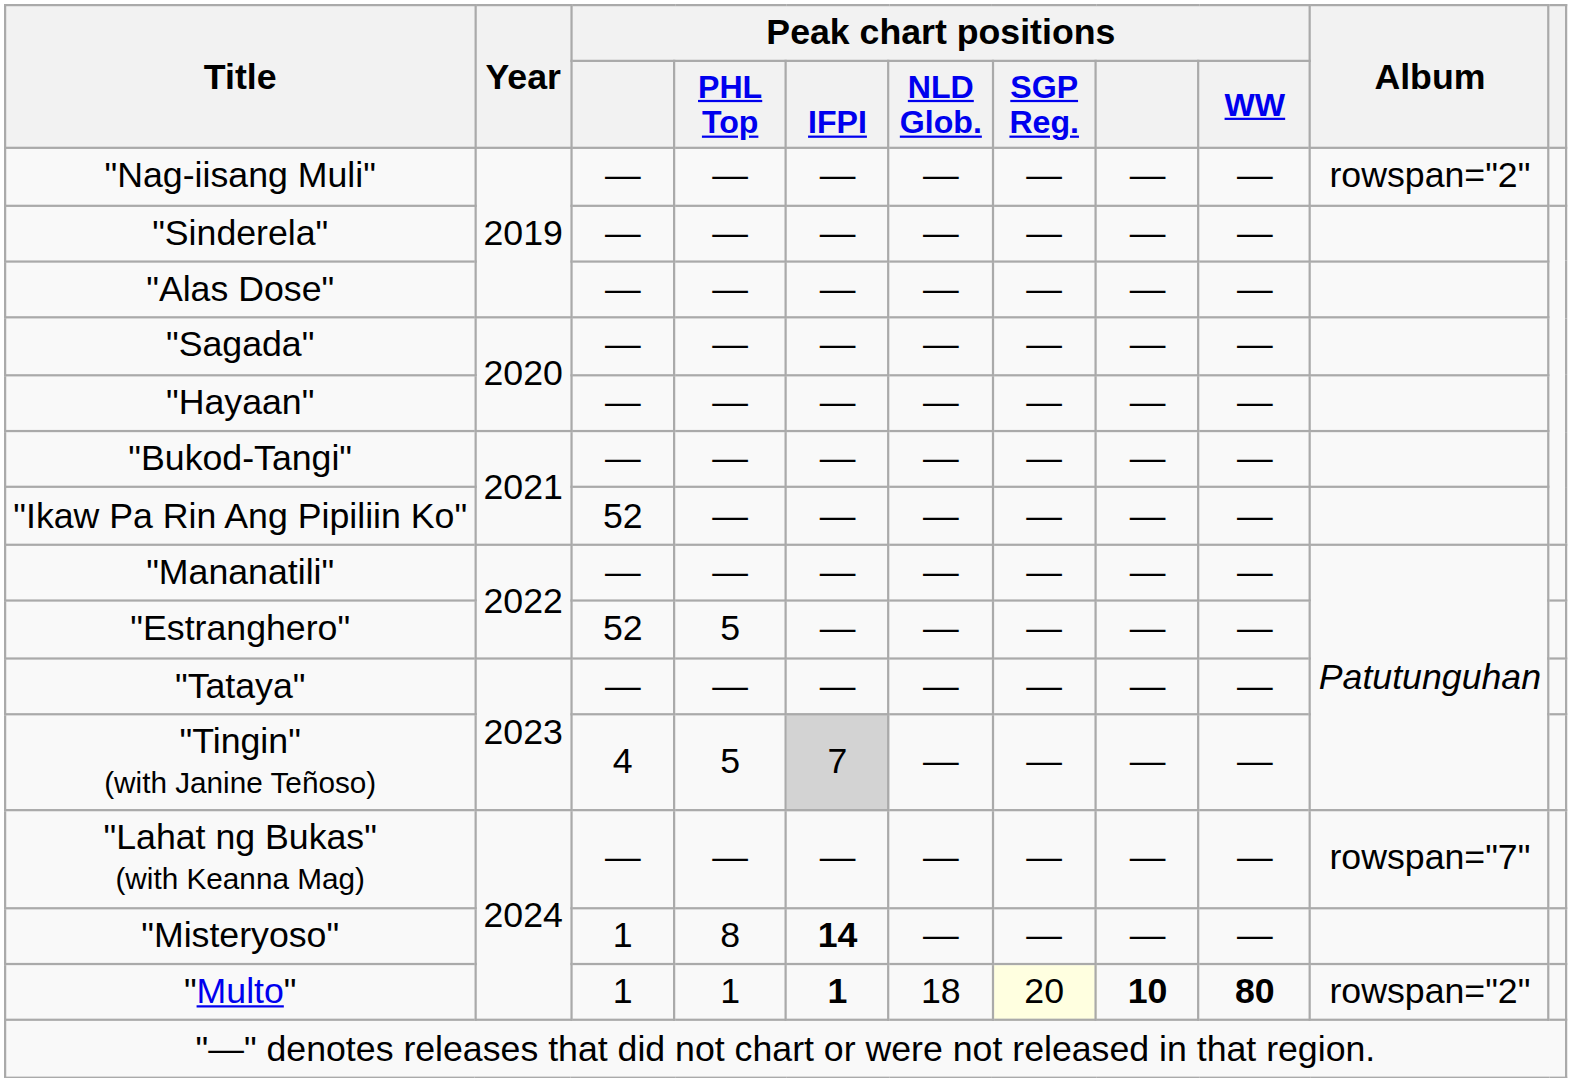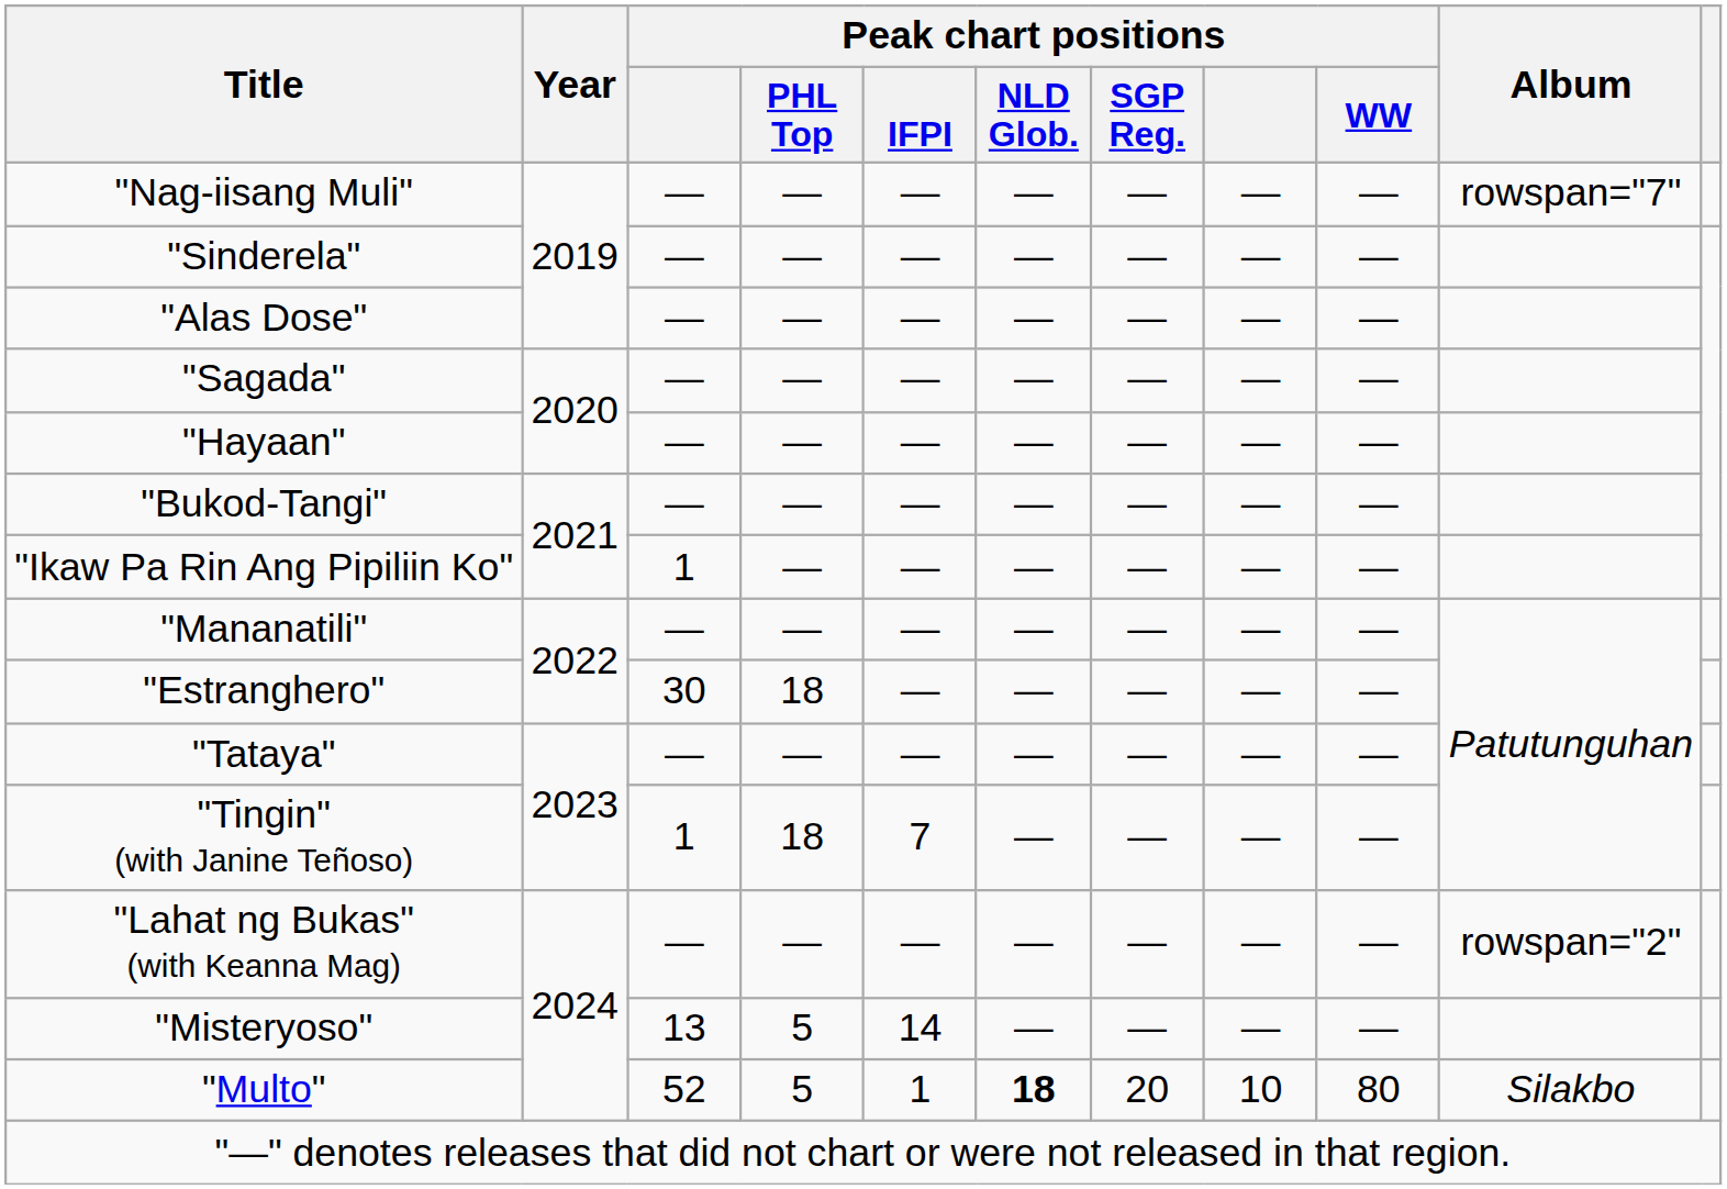 <table class="wikitable plainrowheaders" style="text-align:center">
 <tr>
 <th rowspan="2" scope="col">Title</th>
 <th rowspan="2" scope="col">Year</th>
 <th colspan="7" scope="col">Peak chart positions</th>
 <th scope="col" rowspan="2">Album</th>
 <th scope="col" rowspan="2"></th>
 </tr>
 <tr>
 <th scope="col" style="font-size:90%; width:2.75em"><a href='#'></a><br></th>
 <th scope="col" style="font-size:90%; width:3em"><a href='#'>PHL<br>Top</a><br></th>
 <th scope="col" style="font-size:90%; width:2.75em"><a href='#'><br>IFPI</a><br></th>
 <th scope="col" style="font-size:90%; width:2.75em"><a href='#'>NLD<br>Glob.</a><br></th>
 <th scope="col" style="font-size:90%; width:2.75em"><a href='#'>SGP<br>Reg.</a><br></th>
 <th scope="col" style="font-size:90%; width:2.75em"><a href='#'></a><br></th>
 <th scope="col" style="width:3em; font-size:90%"><a href='#'>WW</a><br></th>
 </tr>
 <tr>
 <td>"Nag-iisang Muli"</td>
 <td rowspan="3">2019</td>
 <td>—</td>
 <td>—</td>
 <td>—</td>
 <td>—</td>
 <td>—</td>
 <td>—</td>
 <td>—</td>
-<td>rowspan="2" </td>
+<td>rowspan="7" </td>
 <td></td>
 </tr>
 <tr>
 <td>"Sinderela"</td>
 <td>—</td>
 <td>—</td>
 <td>—</td>
 <td>—</td>
 <td>—</td>
 <td>—</td>
 <td>—</td>
 <td></td>
 </tr>
 <tr>
 <td>"Alas Dose"</td>
 <td>—</td>
 <td>—</td>
 <td>—</td>
 <td>—</td>
 <td>—</td>
 <td>—</td>
 <td>—</td>
 <td></td>
 </tr>
 <tr>
 <td>"Sagada"</td>
 <td rowspan="2">2020</td>
 <td>—</td>
 <td>—</td>
 <td>—</td>
 <td>—</td>
 <td>—</td>
 <td>—</td>
 <td>—</td>
 <td></td>
 </tr>
 <tr>
 <td>"Hayaan"</td>
 <td>—</td>
 <td>—</td>
 <td>—</td>
 <td>—</td>
 <td>—</td>
 <td>—</td>
 <td>—</td>
 <td></td>
 </tr>
 <tr>
 <td>"Bukod-Tangi"</td>
 <td rowspan="2">2021</td>
 <td>—</td>
 <td>—</td>
 <td>—</td>
 <td>—</td>
 <td>—</td>
 <td>—</td>
 <td>—</td>
 <td></td>
 </tr>
 <tr>
 <td>"Ikaw Pa Rin Ang Pipiliin Ko"</td>
-<td>52</td>
+<td>1</td>
 <td>—</td>
 <td>—</td>
 <td>—</td>
 <td>—</td>
 <td>—</td>
 <td>—</td>
 <td></td>
 </tr>
 <tr>
 <td>"Mananatili"</td>
 <td rowspan="2">2022</td>
 <td>—</td>
 <td>—</td>
 <td>—</td>
 <td>—</td>
 <td>—</td>
 <td>—</td>
 <td>—</td>
 <td rowspan="4"><em>Patutunguhan</em></td>
 <td></td>
 </tr>
 <tr>
 <td>"Estranghero"</td>
-<td>52</td>
-<td>5</td>
+<td>30</td>
+<td>18</td>
 <td>—</td>
 <td>—</td>
 <td>—</td>
 <td>—</td>
 <td>—</td>
 <td></td>
 </tr>
 <tr>
 <td>"Tataya"</td>
 <td rowspan="2">2023</td>
 <td>—</td>
 <td>—</td>
 <td>—</td>
 <td>—</td>
 <td>—</td>
 <td>—</td>
 <td>—</td>
 <td></td>
 </tr>
 <tr>
 <td>"Tingin"<br><small>(with Janine Teñoso)</small></td>
-<td>4</td>
-<td>5</td>
-<td style="background: lightgrey;">7</td>
+<td>1</td>
+<td>18</td>
+<td>7</td>
 <td>—</td>
 <td>—</td>
 <td>—</td>
 <td>—</td>
 <td></td>
 </tr>
 <tr>
 <td>"Lahat ng Bukas"<br><small>(with Keanna Mag)</small></td>
 <td rowspan="3">2024</td>
 <td>—</td>
 <td>—</td>
 <td>—</td>
 <td>—</td>
 <td>—</td>
 <td>—</td>
 <td>—</td>
-<td>rowspan="7" </td>
+<td>rowspan="2" </td>
 <td></td>
 </tr>
 <tr>
 <td>"Misteryoso"</td>
-<td>1</td>
-<td>8</td>
-<td><strong>14</strong></td>
+<td>13</td>
+<td>5</td>
+<td>14</td>
 <td>—</td>
 <td>—</td>
 <td>—</td>
 <td>—</td>
 <td></td>
 </tr>
 <tr>
 <td>"<a href='#'>Multo</a>"</td>
+<td>52</td>
+<td>5</td>
 <td>1</td>
-<td>1</td>
-<td><strong>1</strong></td>
-<td>18</td>
-<td style="background: lightyellow;">20</td>
-<td><strong>10</strong></td>
-<td><strong>80</strong></td>
-<td>rowspan="2" </td>
+<td><strong>18</strong></td>
+<td>20</td>
+<td>10</td>
+<td>80</td>
+<td><em>Silakbo</em></td>
 <td></td>
 </tr>
 <tr>
 <td colspan="11">"—" denotes releases that did not chart or were not released in that region.</td>
 </tr>
 </table>
